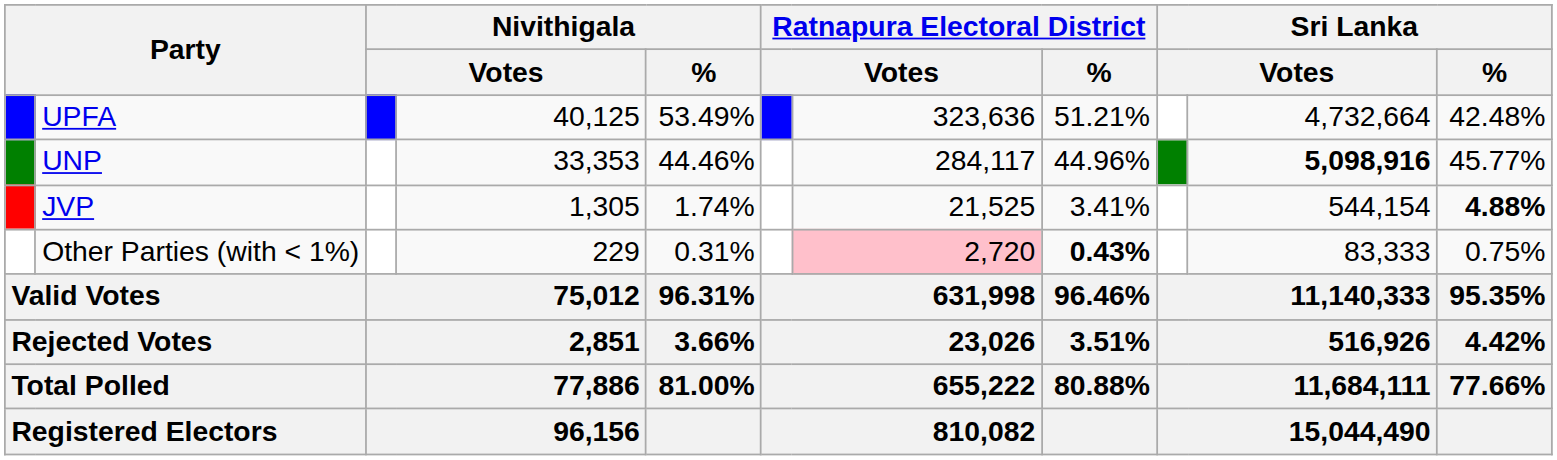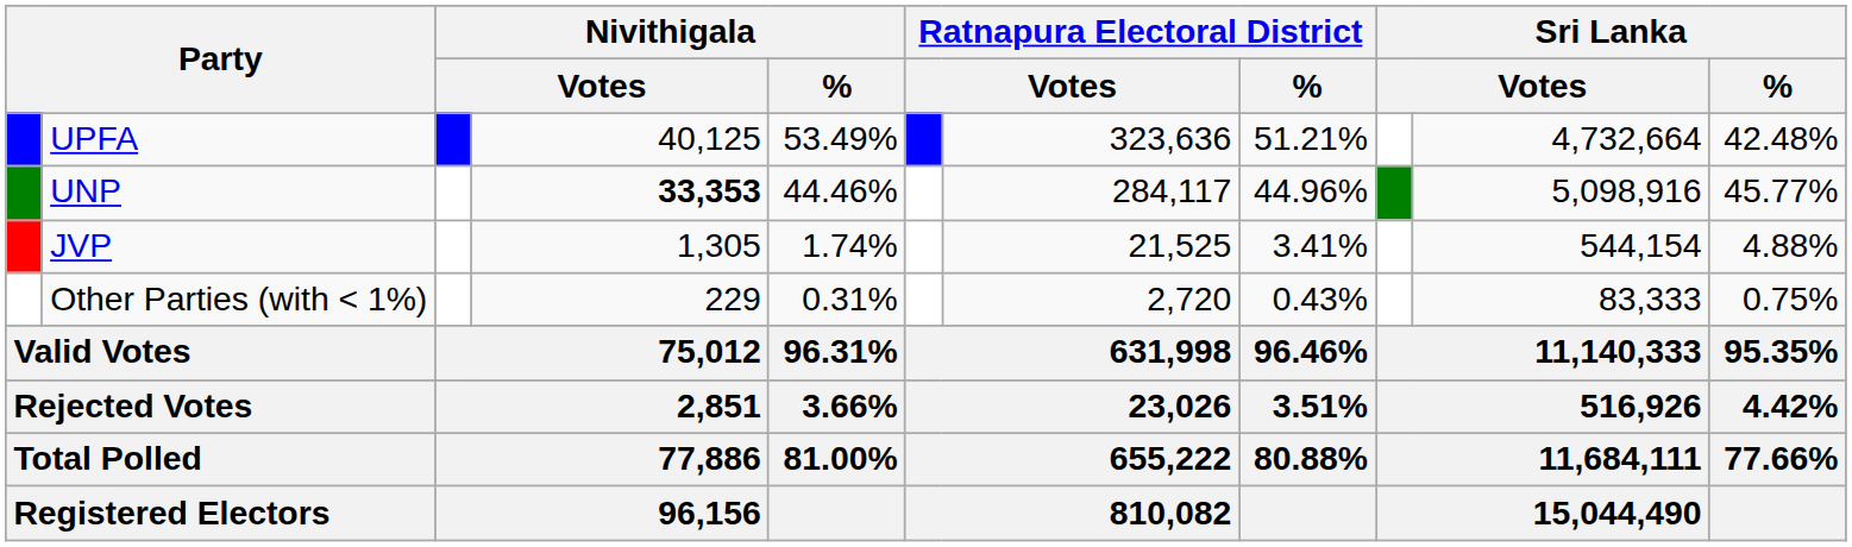 <table class="wikitable">
 <tr>
 <th colspan="2" width="144px"rowspan="2">Party</th>
 <th colspan="3" width="216px">Nivithigala</th>
 <th colspan="3" width="216px"><a href='#'>Ratnapura Electoral District</a></th>
 <th colspan="3" width="216px">Sri Lanka</th>
 </tr>
 <tr>
 <th colspan="2" width="144px">Votes</th>
 <th>%</th>
 <th colspan="2" width="144px">Votes</th>
 <th>%</th>
 <th colspan="2" width="144px">Votes</th>
 <th>%</th>
 </tr>
 <tr>
 <td style="background-color:blue;" width="10px"></td>
 <td style="text-align:left;"><a href='#'>UPFA</a></td>
 <td style="background-color:blue;" width="10px"></td>
 <td style="text-align:right;">40,125</td>
 <td style="text-align:right;">53.49%</td>
 <td style="background-color:blue;" width="10px"></td>
 <td style="text-align:right;">323,636</td>
 <td style="text-align:right;">51.21%</td>
 <td style="background-color:white;" width="10px"></td>
 <td style="text-align:right;">4,732,664</td>
 <td style="text-align:right;">42.48%</td>
 </tr>
 <tr>
 <td style="background-color:green;" width="10px"></td>
 <td style="text-align:left;"><a href='#'>UNP</a></td>
 <td style="background-color:white;" width="10px"></td>
-<td style="text-align:right;">33,353</td>
+<td style="text-align:right;"><strong>33,353</strong></td>
 <td style="text-align:right;">44.46%</td>
 <td style="background-color:white;" width="10px"></td>
 <td style="text-align:right;">284,117</td>
 <td style="text-align:right;">44.96%</td>
 <td style="background-color:green;" width="10px"></td>
-<td style="text-align:right;"><strong>5,098,916</strong></td>
+<td style="text-align:right;">5,098,916</td>
 <td style="text-align:right;">45.77%</td>
 </tr>
 <tr>
 <td style="background-color:red;" width="10px"></td>
 <td style="text-align:left;"><a href='#'>JVP</a></td>
 <td style="background-color:white;" width="10px"></td>
 <td style="text-align:right;">1,305</td>
 <td style="text-align:right;">1.74%</td>
 <td style="background-color:white;" width="10px"></td>
 <td style="text-align:right;">21,525</td>
 <td style="text-align:right;">3.41%</td>
 <td style="background-color:white;" width="10px"></td>
 <td style="text-align:right;">544,154</td>
-<td style="text-align:right;"><strong>4.88%</strong></td>
+<td style="text-align:right;">4.88%</td>
 </tr>
 <tr>
 <td style="background-color:white;" width="10px"></td>
 <td style="text-align:left;">Other Parties (with < 1%)</td>
 <td style="background-color:white;" width="10px"></td>
 <td style="text-align:right;">229</td>
 <td style="text-align:right;">0.31%</td>
 <td style="background-color:white;" width="10px"></td>
-<td style="background: pink; text-align:right;">2,720</td>
-<td style="text-align:right;"><strong>0.43%</strong></td>
+<td style="text-align:right;">2,720</td>
+<td style="text-align:right;">0.43%</td>
 <td style="background-color:white;" width="10px"></td>
 <td style="text-align:right;">83,333</td>
 <td style="text-align:right;">0.75%</td>
 </tr>
 <tr>
 <th colspan="2" width="144px"style="text-align:left;">Valid Votes</th>
 <th style="text-align:right;"colspan="2" width="144px">75,012</th>
 <th style="text-align:right;">96.31%</th>
 <th style="text-align:right;"colspan="2" width="144px">631,998</th>
 <th style="text-align:right;">96.46%</th>
 <th style="text-align:right;"colspan="2" width="144px">11,140,333</th>
 <th style="text-align:right;">95.35%</th>
 </tr>
 <tr>
 <th colspan="2" width="144px"style="text-align:left;">Rejected Votes</th>
 <th style="text-align:right;"colspan="2" width="144px">2,851</th>
 <th style="text-align:right;">3.66%</th>
 <th style="text-align:right;"colspan="2" width="144px">23,026</th>
 <th style="text-align:right;">3.51%</th>
 <th style="text-align:right;"colspan="2" width="144px">516,926</th>
 <th style="text-align:right;">4.42%</th>
 </tr>
 <tr>
 <th colspan="2" width="144px"style="text-align:left;">Total Polled</th>
 <th style="text-align:right;"colspan="2" width="144px">77,886</th>
 <th style="text-align:right;">81.00%</th>
 <th style="text-align:right;"colspan="2" width="144px">655,222</th>
 <th style="text-align:right;">80.88%</th>
 <th style="text-align:right;"colspan="2" width="144px">11,684,111</th>
 <th style="text-align:right;">77.66%</th>
 </tr>
 <tr>
 <th colspan="2" width="144px"style="text-align:left;">Registered Electors</th>
 <th style="text-align:right;"colspan="2" width="144px">96,156</th>
 <th></th>
 <th style="text-align:right;"colspan="2" width="144px">810,082</th>
 <th></th>
 <th style="text-align:right;"colspan="2" width="144px">15,044,490</th>
 <th></th>
 </tr>
 </table>
